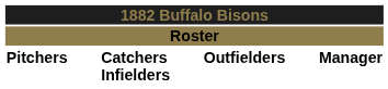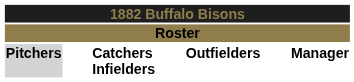 <table class="toccolours" style="font-size: 95%;">
 <tr>
 <th colspan="10" style="background-color: #1E1E1E; color: #8F7D4B; text-align: center;">1882 Buffalo Bisons</th>
 </tr>
 <tr>
 <td colspan="10" style="background-color: #8F7D4B; color: 1E1E1E; text-align: center;"><strong>Roster</strong></td>
 </tr>
 <tr>
-<td valign="top"><strong>Pitchers</strong><br>  </td>
+<td valign="top" style="background: lightgrey;"><strong>Pitchers</strong><br>  </td>
 <td width="25px"></td>
 <td valign="top"><strong>Catchers</strong><br> <strong>Infielders</strong>     </td>
 <td width="25px"></td>
 <td valign="top"><strong>Outfielders</strong><br>  </td>
 <td width="25px"></td>
 <td valign="top"><strong>Manager</strong><br></td>
 </tr>
 </table>
